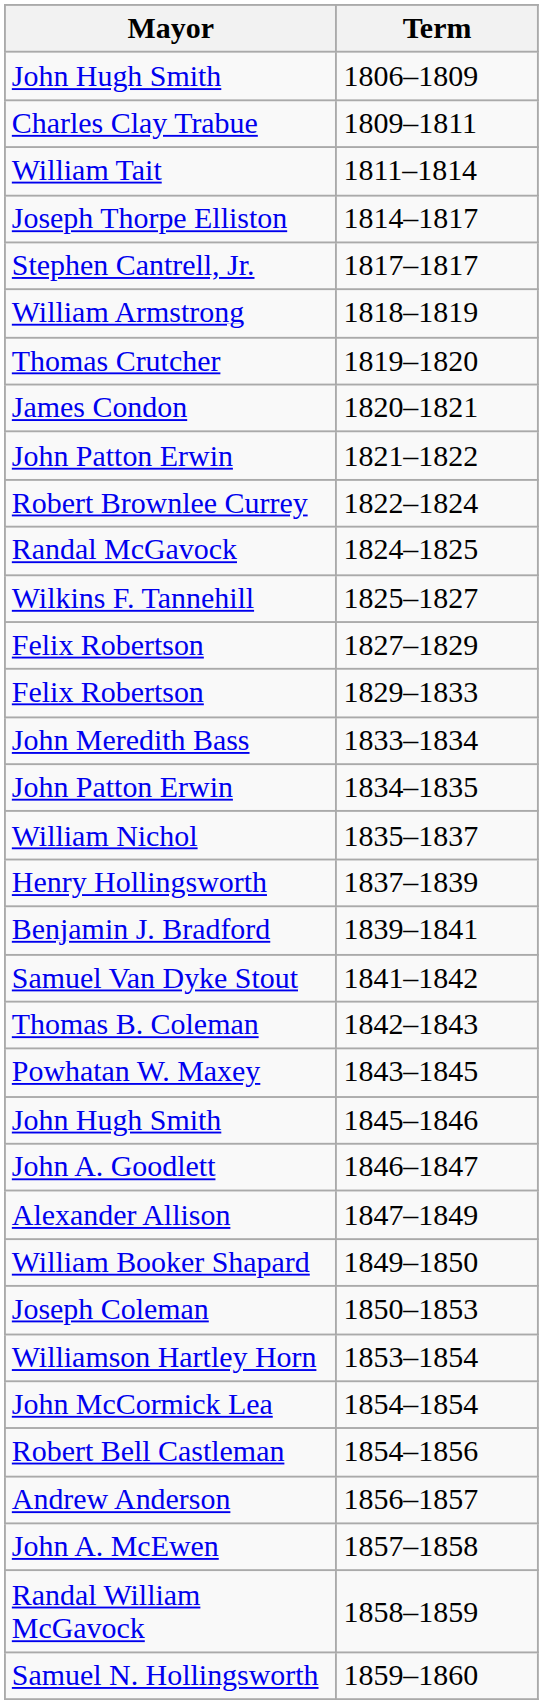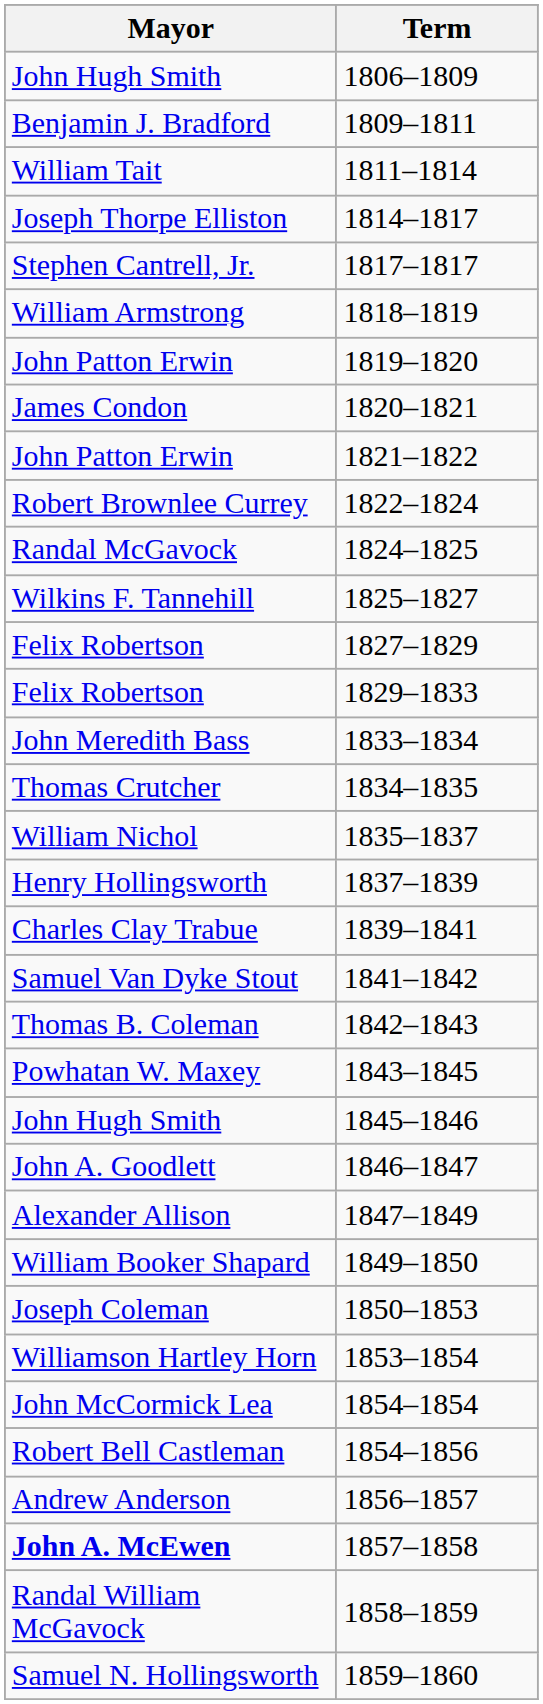 <table class="wikitable">
 <tr>
 <th>Mayor</th>
 <th>Term</th>
 </tr>
 <tr>
 <td><a href='#'>John Hugh Smith</a></td>
 <td width="100">1806–1809</td>
 </tr>
 <tr>
-<td><a href='#'>Charles Clay Trabue</a></td>
+<td><a href='#'>Benjamin J. Bradford</a></td>
 <td>1809–1811</td>
 </tr>
 <tr>
 <td><a href='#'>William Tait</a></td>
 <td>1811–1814</td>
 </tr>
 <tr>
 <td><a href='#'>Joseph Thorpe Elliston</a></td>
 <td>1814–1817</td>
 </tr>
 <tr>
 <td><a href='#'>Stephen Cantrell, Jr.</a></td>
 <td>1817–1817</td>
 </tr>
 <tr>
 <td><a href='#'>William Armstrong</a></td>
 <td>1818–1819</td>
 </tr>
 <tr>
-<td><a href='#'>Thomas Crutcher</a></td>
+<td><a href='#'>John Patton Erwin</a></td>
 <td>1819–1820</td>
 </tr>
 <tr>
 <td><a href='#'>James Condon</a></td>
 <td>1820–1821</td>
 </tr>
 <tr>
 <td><a href='#'>John Patton Erwin</a></td>
 <td>1821–1822</td>
 </tr>
 <tr>
 <td><a href='#'>Robert Brownlee Currey</a></td>
 <td>1822–1824</td>
 </tr>
 <tr>
 <td><a href='#'>Randal McGavock</a></td>
 <td>1824–1825</td>
 </tr>
 <tr>
 <td><a href='#'>Wilkins F. Tannehill</a></td>
 <td>1825–1827</td>
 </tr>
 <tr>
 <td><a href='#'>Felix Robertson</a></td>
 <td>1827–1829</td>
 </tr>
 <tr>
 <td><a href='#'>Felix Robertson</a></td>
 <td>1829–1833</td>
 </tr>
 <tr>
 <td><a href='#'>John Meredith Bass</a></td>
 <td>1833–1834</td>
 </tr>
 <tr>
-<td><a href='#'>John Patton Erwin</a></td>
+<td><a href='#'>Thomas Crutcher</a></td>
 <td>1834–1835</td>
 </tr>
 <tr>
 <td><a href='#'>William Nichol</a></td>
 <td>1835–1837</td>
 </tr>
 <tr>
 <td><a href='#'>Henry Hollingsworth</a></td>
 <td>1837–1839</td>
 </tr>
 <tr>
-<td><a href='#'>Benjamin J. Bradford</a></td>
+<td><a href='#'>Charles Clay Trabue</a></td>
 <td>1839–1841</td>
 </tr>
 <tr>
 <td><a href='#'>Samuel Van Dyke Stout</a></td>
 <td>1841–1842</td>
 </tr>
 <tr>
 <td><a href='#'>Thomas B. Coleman</a></td>
 <td>1842–1843</td>
 </tr>
 <tr>
 <td><a href='#'>Powhatan W. Maxey</a></td>
 <td>1843–1845</td>
 </tr>
 <tr>
 <td><a href='#'>John Hugh Smith</a></td>
 <td>1845–1846</td>
 </tr>
 <tr>
 <td><a href='#'>John A. Goodlett</a></td>
 <td>1846–1847</td>
 </tr>
 <tr>
 <td><a href='#'>Alexander Allison</a></td>
 <td>1847–1849</td>
 </tr>
 <tr>
 <td><a href='#'>William Booker Shapard</a></td>
 <td>1849–1850</td>
 </tr>
 <tr>
 <td width="170"><a href='#'>Joseph Coleman</a></td>
 <td>1850–1853</td>
 </tr>
 <tr>
 <td><a href='#'>Williamson Hartley Horn</a></td>
 <td>1853–1854</td>
 </tr>
 <tr>
 <td><a href='#'>John McCormick Lea</a></td>
 <td>1854–1854</td>
 </tr>
 <tr>
 <td><a href='#'>Robert Bell Castleman</a></td>
 <td>1854–1856</td>
 </tr>
 <tr>
 <td><a href='#'>Andrew Anderson</a></td>
 <td>1856–1857</td>
 </tr>
 <tr>
-<td><a href='#'>John A. McEwen</a></td>
+<td><strong><a href='#'>John A. McEwen</a></strong></td>
 <td>1857–1858</td>
 </tr>
 <tr>
 <td><a href='#'>Randal William McGavock</a></td>
 <td>1858–1859</td>
 </tr>
 <tr>
 <td><a href='#'>Samuel N. Hollingsworth</a></td>
 <td>1859–1860</td>
 </tr>
 </table>
